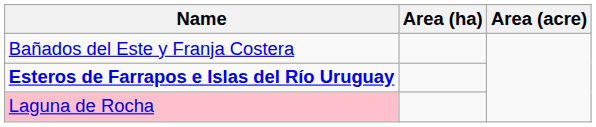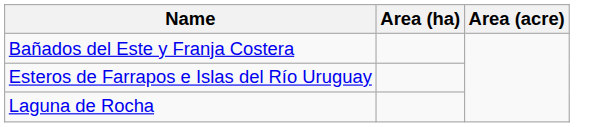 <table class="wikitable sortable">
 <tr>
 <th scope="col" align=left>Name</th>
 <th scope="col">Area (ha)</th>
 <th scope="col">Area (acre)</th>
 </tr>
 <tr ---->
 <td><a href='#'>Bañados del Este y Franja Costera</a></td>
 <td></td>
 </tr>
 <tr ---->
-<td><strong><a href='#'>Esteros de Farrapos e Islas del Río Uruguay</a></strong></td>
+<td><a href='#'>Esteros de Farrapos e Islas del Río Uruguay</a></td>
 <td></td>
 </tr>
 <tr ---->
-<td style="background: pink;"><a href='#'>Laguna de Rocha</a></td>
+<td><a href='#'>Laguna de Rocha</a></td>
 <td></td>
 </tr>
 </table>
